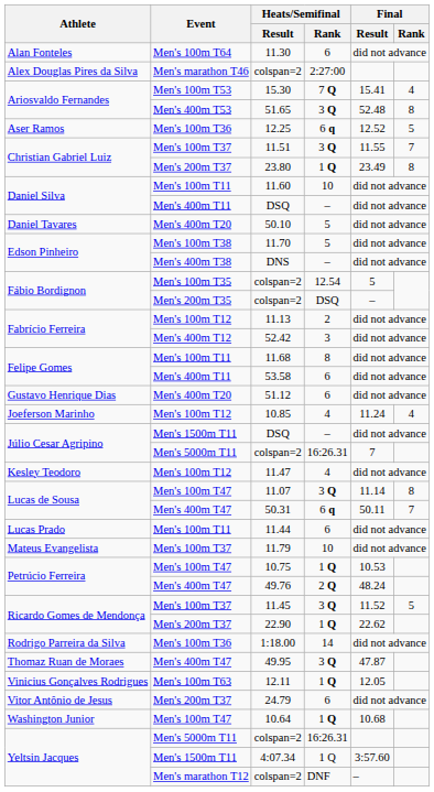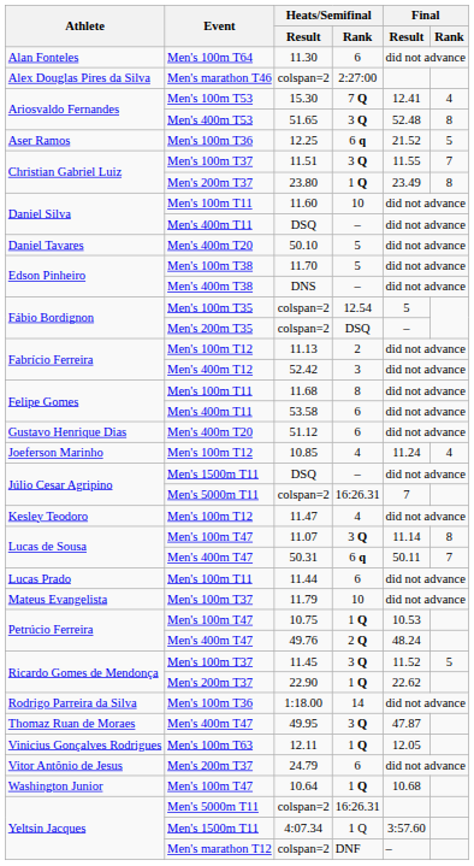 <table class=wikitable style="font-size:95%">
 <tr>
 <th rowspan="2">Athlete</th>
 <th rowspan="2">Event</th>
 <th colspan="2">Heats/Semifinal</th>
 <th colspan="3">Final</th>
 </tr>
 <tr>
 <th>Result</th>
 <th>Rank</th>
 <th>Result</th>
 <th>Rank</th>
 </tr>
 <tr>
 <td><a href='#'>Alan Fonteles</a></td>
 <td><a href='#'>Men's 100m T64</a></td>
 <td align=center>11.30</td>
 <td align=center>6</td>
 <td align=center colspan=2>did not advance</td>
 </tr>
 <tr>
 <td><a href='#'>Alex Douglas Pires da Silva</a></td>
 <td><a href='#'>Men's marathon T46</a></td>
 <td>colspan=2 </td>
 <td align=center>2:27:00</td>
 <td align=center></td>
 </tr>
 <tr>
 <td rowspan=2><a href='#'>Ariosvaldo Fernandes</a></td>
 <td><a href='#'>Men's 100m T53</a></td>
 <td align=center>15.30</td>
 <td align=center>7 <strong>Q</strong></td>
-<td align=center>15.41</td>
+<td align=center>12.41</td>
 <td align=center>4</td>
 </tr>
 <tr>
 <td><a href='#'>Men's 400m T53</a></td>
 <td align=center>51.65</td>
 <td align=center>3 <strong>Q</strong></td>
 <td align=center>52.48</td>
 <td align=center>8</td>
 </tr>
 <tr>
 <td><a href='#'>Aser Ramos</a></td>
 <td><a href='#'>Men's 100m T36</a></td>
 <td align=center>12.25</td>
 <td align=center>6 <strong>q</strong></td>
-<td align=center>12.52</td>
+<td align=center>21.52</td>
 <td align=center>5</td>
 </tr>
 <tr>
 <td rowspan=2><a href='#'>Christian Gabriel Luiz</a></td>
 <td><a href='#'>Men's 100m T37</a></td>
 <td align=center>11.51</td>
 <td align=center>3 <strong>Q</strong></td>
 <td align=center>11.55</td>
 <td align=center>7</td>
 </tr>
 <tr>
 <td><a href='#'>Men's 200m T37</a></td>
 <td align=center>23.80</td>
 <td align=center>1 <strong>Q</strong></td>
 <td align=center>23.49</td>
 <td align=center>8</td>
 </tr>
 <tr>
 <td rowspan=2><a href='#'>Daniel Silva</a></td>
 <td><a href='#'>Men's 100m T11</a></td>
 <td align=center>11.60</td>
 <td align=center>10</td>
 <td align=center colspan=2>did not advance</td>
 </tr>
 <tr>
 <td><a href='#'>Men's 400m T11</a></td>
 <td align=center>DSQ</td>
 <td align=center>–</td>
 <td align=center colspan=2>did not advance</td>
 </tr>
 <tr>
 <td><a href='#'>Daniel Tavares</a></td>
 <td><a href='#'>Men's 400m T20</a></td>
 <td align=center>50.10</td>
 <td align=center>5</td>
 <td align=center colspan=2>did not advance</td>
 </tr>
 <tr>
 <td rowspan=2><a href='#'>Edson Pinheiro</a></td>
 <td><a href='#'>Men's 100m T38</a></td>
 <td align=center>11.70</td>
 <td align=center>5</td>
 <td align=center colspan=2>did not advance</td>
 </tr>
 <tr>
 <td><a href='#'>Men's 400m T38</a></td>
 <td align=center>DNS</td>
 <td align=center>–</td>
 <td align=center colspan=2>did not advance</td>
 </tr>
 <tr>
 <td rowspan=2><a href='#'>Fábio Bordignon</a></td>
 <td><a href='#'>Men's 100m T35</a></td>
 <td>colspan=2 </td>
 <td align=center>12.54</td>
 <td align=center>5</td>
 </tr>
 <tr>
 <td><a href='#'>Men's 200m T35</a></td>
 <td>colspan=2 </td>
 <td align=center>DSQ</td>
 <td align=center>–</td>
 </tr>
 <tr>
 <td rowspan=2><a href='#'>Fabrício Ferreira</a></td>
 <td><a href='#'>Men's 100m T12</a></td>
 <td align=center>11.13</td>
 <td align=center>2</td>
 <td align=center colspan=2>did not advance</td>
 </tr>
 <tr>
 <td><a href='#'>Men's 400m T12</a></td>
 <td align=center>52.42</td>
 <td align=center>3</td>
 <td align=center colspan=2>did not advance</td>
 </tr>
 <tr>
 <td rowspan=2><a href='#'>Felipe Gomes</a></td>
 <td><a href='#'>Men's 100m T11</a></td>
 <td align=center>11.68</td>
 <td align=center>8</td>
 <td align=center colspan=2>did not advance</td>
 </tr>
 <tr>
 <td><a href='#'>Men's 400m T11</a></td>
 <td align=center>53.58</td>
 <td align=center>6</td>
 <td align=center colspan=2>did not advance</td>
 </tr>
 <tr>
 <td><a href='#'>Gustavo Henrique Dias</a></td>
 <td><a href='#'>Men's 400m T20</a></td>
 <td align=center>51.12</td>
 <td align=center>6</td>
 <td align=center colspan=2>did not advance</td>
 </tr>
 <tr>
 <td><a href='#'>Joeferson Marinho</a></td>
 <td><a href='#'>Men's 100m T12</a></td>
 <td align=center>10.85</td>
 <td align=center>4</td>
 <td align=center>11.24</td>
 <td align=center>4</td>
 </tr>
 <tr>
 <td rowspan=2><a href='#'>Júlio Cesar Agripino</a></td>
 <td><a href='#'>Men's 1500m T11</a></td>
 <td align=center>DSQ</td>
 <td align=center>–</td>
 <td colspan=2>did not advance</td>
 </tr>
 <tr>
 <td><a href='#'>Men's 5000m T11</a></td>
 <td>colspan=2 </td>
 <td align=center>16:26.31</td>
 <td align=center>7</td>
 </tr>
 <tr>
 <td><a href='#'>Kesley Teodoro</a></td>
 <td><a href='#'>Men's 100m T12</a></td>
 <td align=center>11.47</td>
 <td align=center>4</td>
 <td align=center colspan=2>did not advance</td>
 </tr>
 <tr>
 <td rowspan=2><a href='#'>Lucas de Sousa</a></td>
 <td><a href='#'>Men's 100m T47</a></td>
 <td align=center>11.07</td>
 <td align=center>3 <strong>Q</strong></td>
 <td align=center>11.14</td>
 <td align=center>8</td>
 </tr>
 <tr>
 <td><a href='#'>Men's 400m T47</a></td>
 <td align=center>50.31</td>
 <td align=center>6 <strong>q</strong></td>
 <td align=center>50.11</td>
 <td align=center>7</td>
 </tr>
 <tr>
 <td><a href='#'>Lucas Prado</a></td>
 <td><a href='#'>Men's 100m T11</a></td>
 <td align=center>11.44</td>
 <td align=center>6</td>
 <td align=center colspan=2>did not advance</td>
 </tr>
 <tr>
 <td><a href='#'>Mateus Evangelista</a></td>
 <td><a href='#'>Men's 100m T37</a></td>
 <td align=center>11.79</td>
 <td align=center>10</td>
 <td align=center colspan=2>did not advance</td>
 </tr>
 <tr>
 <td rowspan=2><a href='#'>Petrúcio Ferreira</a></td>
 <td><a href='#'>Men's 100m T47</a></td>
 <td align=center>10.75</td>
 <td align=center>1 <strong>Q</strong></td>
 <td align=center>10.53</td>
 <td align=center></td>
 </tr>
 <tr>
 <td><a href='#'>Men's 400m T47</a></td>
 <td align=center>49.76</td>
 <td align=center>2 <strong>Q</strong></td>
 <td align=center>48.24</td>
 <td align=center></td>
 </tr>
 <tr>
 <td rowspan=2><a href='#'>Ricardo Gomes de Mendonça</a></td>
 <td><a href='#'>Men's 100m T37</a></td>
 <td align=center>11.45</td>
 <td align=center>3 <strong>Q</strong></td>
 <td align=center>11.52</td>
 <td align=center>5</td>
 </tr>
 <tr>
 <td><a href='#'>Men's 200m T37</a></td>
 <td align=center>22.90</td>
 <td align=center>1 <strong>Q</strong></td>
 <td align=center>22.62</td>
 <td align=center></td>
 </tr>
 <tr>
 <td><a href='#'>Rodrigo Parreira da Silva</a></td>
 <td><a href='#'>Men's 100m T36</a></td>
 <td align=center>1:18.00</td>
 <td align=center>14</td>
 <td align=center colspan=2>did not advance</td>
 </tr>
 <tr>
 <td><a href='#'>Thomaz Ruan de Moraes</a></td>
 <td><a href='#'>Men's 400m T47</a></td>
 <td align=center>49.95</td>
 <td align=center>3 <strong>Q</strong></td>
 <td align=center>47.87</td>
 <td align=center></td>
 </tr>
 <tr>
 <td><a href='#'>Vinicius Gonçalves Rodrigues</a></td>
 <td><a href='#'>Men's 100m T63</a></td>
 <td align=center>12.11</td>
 <td align=center>1 <strong>Q</strong></td>
 <td align=center>12.05</td>
 <td align=center></td>
 </tr>
 <tr>
 <td><a href='#'>Vitor Antônio de Jesus</a></td>
 <td><a href='#'>Men's 200m T37</a></td>
 <td align=center>24.79</td>
 <td align=center>6</td>
 <td align=center colspan=2>did not advance</td>
 </tr>
 <tr>
 <td><a href='#'>Washington Junior</a></td>
 <td><a href='#'>Men's 100m T47</a></td>
 <td align=center>10.64</td>
 <td align=center>1 <strong>Q</strong></td>
 <td align=center>10.68</td>
 <td align=center></td>
 </tr>
 <tr>
 <td rowspan=3><a href='#'>Yeltsin Jacques</a></td>
 <td><a href='#'>Men's 5000m T11</a></td>
 <td>colspan=2 </td>
 <td align=center>16:26.31</td>
 <td align=center></td>
 </tr>
 <tr>
 <td><a href='#'>Men's 1500m T11</a></td>
 <td align=center>4:07.34</td>
 <td align=center>1 Q</td>
 <td align=center>3:57.60</td>
 <td align=center></td>
 </tr>
 <tr>
 <td><a href='#'>Men's marathon T12</a></td>
 <td>colspan=2 </td>
 <td>DNF</td>
 <td>–</td>
 </tr>
 </table>
